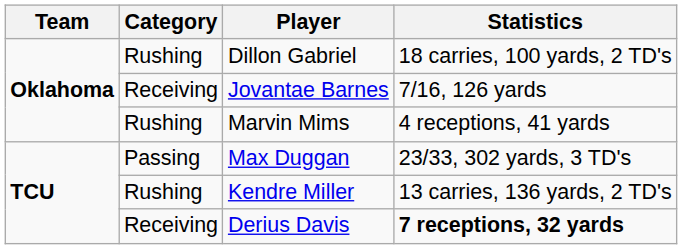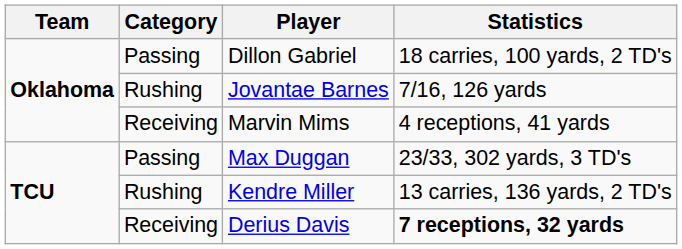 <table class="wikitable" style="float: right;">
 <tr>
 <th>Team</th>
 <th>Category</th>
 <th>Player</th>
 <th>Statistics</th>
 </tr>
 <tr>
 <td rowspan=3><strong>Oklahoma</strong></td>
-<td>Rushing</td>
+<td>Passing</td>
 <td>Dillon Gabriel</td>
 <td>18 carries, 100 yards, 2 TD's</td>
 </tr>
 <tr>
-<td>Receiving</td>
+<td>Rushing</td>
 <td><a href='#'>Jovantae Barnes</a></td>
 <td>7/16, 126 yards</td>
 </tr>
 <tr>
-<td>Rushing</td>
+<td>Receiving</td>
 <td>Marvin Mims</td>
 <td>4 receptions, 41 yards</td>
 </tr>
 <tr>
 <td rowspan=3><strong>TCU</strong></td>
 <td>Passing</td>
 <td><a href='#'>Max Duggan</a></td>
 <td>23/33, 302 yards, 3 TD's</td>
 </tr>
 <tr>
 <td>Rushing</td>
 <td><a href='#'>Kendre Miller</a></td>
 <td>13 carries, 136 yards, 2 TD's</td>
 </tr>
 <tr>
 <td>Receiving</td>
 <td><a href='#'>Derius Davis</a></td>
 <td><strong>7 receptions, 32 yards</strong></td>
 </tr>
 </table>
